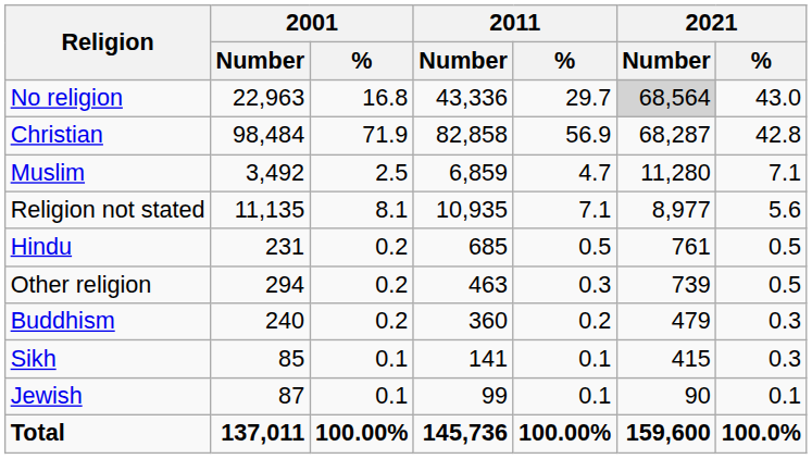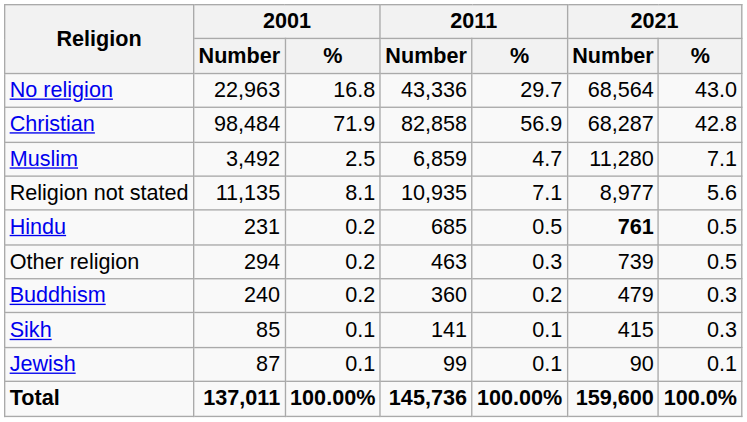 <table class="wikitable sortable" style="text-align:right">
 <tr>
 <th rowspan="2">Religion</th>
 <th colspan="2">2001</th>
 <th colspan="2">2011</th>
 <th colspan="2">2021</th>
 </tr>
 <tr>
 <th>Number</th>
 <th>%</th>
 <th>Number</th>
 <th>%</th>
 <th>Number</th>
 <th>%</th>
 </tr>
 <tr>
 <td style="text-align:left"><a href='#'>No religion</a></td>
 <td>22,963</td>
 <td>16.8</td>
 <td>43,336</td>
 <td>29.7</td>
-<td style="background: lightgrey;">68,564</td>
+<td>68,564</td>
 <td>43.0</td>
 </tr>
 <tr>
 <td style="text-align:left"><a href='#'>Christian</a></td>
 <td>98,484</td>
 <td>71.9</td>
 <td>82,858</td>
 <td>56.9</td>
 <td>68,287</td>
 <td>42.8</td>
 </tr>
 <tr>
 <td style="text-align:left"><a href='#'>Muslim</a></td>
 <td>3,492</td>
 <td>2.5</td>
 <td>6,859</td>
 <td>4.7</td>
 <td>11,280</td>
 <td>7.1</td>
 </tr>
 <tr>
 <td style="text-align:left">Religion not stated</td>
 <td>11,135</td>
 <td>8.1</td>
 <td>10,935</td>
 <td>7.1</td>
 <td>8,977</td>
 <td>5.6</td>
 </tr>
 <tr>
 <td style="text-align:left"><a href='#'>Hindu</a></td>
 <td>231</td>
 <td>0.2</td>
 <td>685</td>
 <td>0.5</td>
-<td>761</td>
+<td><strong>761</strong></td>
 <td>0.5</td>
 </tr>
 <tr>
 <td style="text-align:left">Other religion</td>
 <td>294</td>
 <td>0.2</td>
 <td>463</td>
 <td>0.3</td>
 <td>739</td>
 <td>0.5</td>
 </tr>
 <tr>
 <td style="text-align:left"><a href='#'>Buddhism</a></td>
 <td>240</td>
 <td>0.2</td>
 <td>360</td>
 <td>0.2</td>
 <td>479</td>
 <td>0.3</td>
 </tr>
 <tr>
 <td style="text-align:left"><a href='#'>Sikh</a></td>
 <td>85</td>
 <td>0.1</td>
 <td>141</td>
 <td>0.1</td>
 <td>415</td>
 <td>0.3</td>
 </tr>
 <tr>
 <td style="text-align:left"><a href='#'>Jewish</a></td>
 <td>87</td>
 <td>0.1</td>
 <td>99</td>
 <td>0.1</td>
 <td>90</td>
 <td>0.1</td>
 </tr>
 <tr style="font-weight:bold;">
 <td style="text-align:left">Total</td>
 <td>137,011</td>
 <td>100.00%</td>
 <td>145,736</td>
 <td>100.00%</td>
 <td>159,600</td>
 <td>100.0%</td>
 </tr>
 </table>
